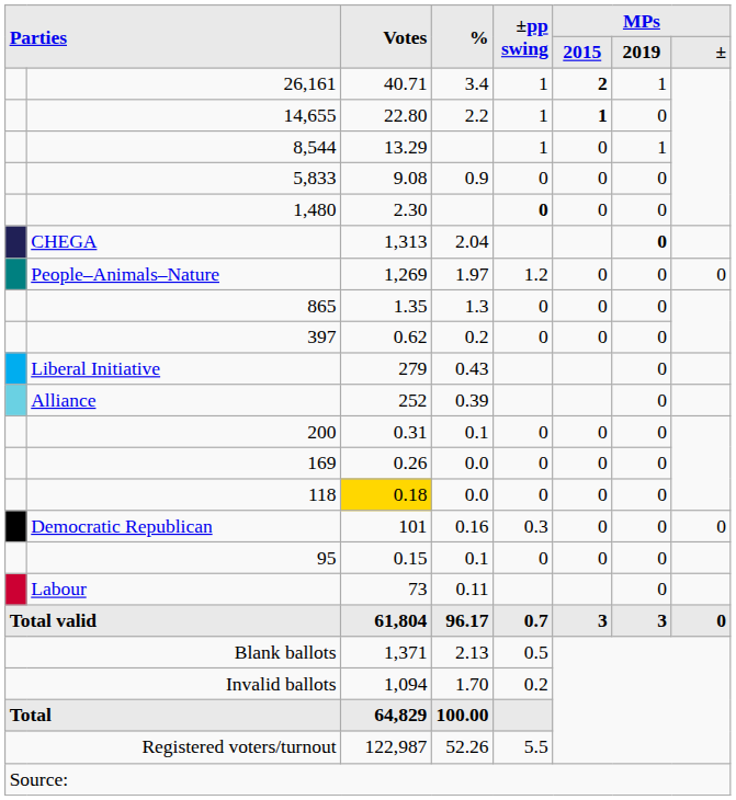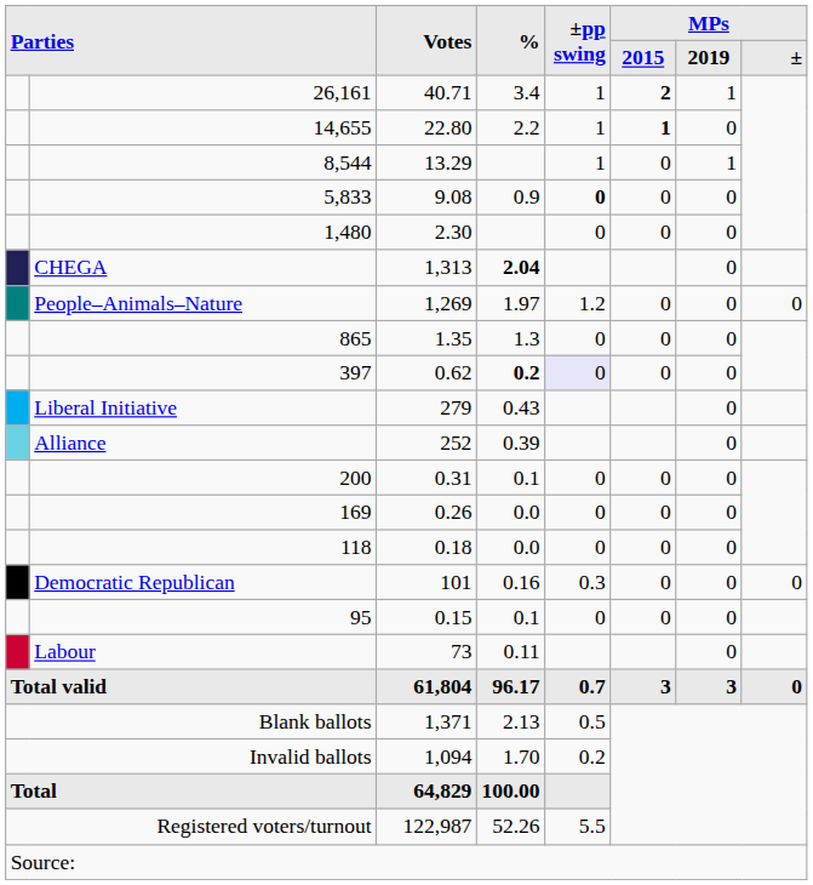 <table class="wikitable" style="text-align:right; font-size:95%;">
 <tr>
 <th rowspan="2" colspan="2" style="background:#e9e9e9; text-align:left;" alignleft><a href='#'>Parties</a></th>
 <th rowspan="2" style="background:#e9e9e9; text-align:right;">Votes</th>
 <th rowspan="2" style="background:#e9e9e9; text-align:right;">%</th>
 <th rowspan="2" style="background:#e9e9e9; text-align:right;">±<a href='#'>pp</a> <a href='#'>swing</a></th>
 <th colspan="3" style="background:#e9e9e9; text-align:center;"><a href='#'>MPs</a></th>
 </tr>
 <tr style="background-color:#E9E9E9">
 <th style="background-color:#E9E9E9;text-align:center;"><a href='#'>2015</a></th>
 <th style="background-color:#E9E9E9;text-align:center;">2019</th>
 <th style="background:#e9e9e9; text-align:right;">±</th>
 </tr>
 <tr>
 <td></td>
 <td>26,161</td>
 <td>40.71</td>
 <td>3.4</td>
 <td>1</td>
 <td><strong>2</strong></td>
 <td>1</td>
 </tr>
 <tr>
 <td></td>
 <td>14,655</td>
 <td>22.80</td>
 <td>2.2</td>
 <td>1</td>
 <td><strong>1</strong></td>
 <td>0</td>
 </tr>
 <tr>
 <td></td>
 <td>8,544</td>
 <td>13.29</td>
 <td></td>
 <td>1</td>
 <td>0</td>
 <td>1</td>
 </tr>
 <tr>
 <td></td>
 <td>5,833</td>
 <td>9.08</td>
 <td>0.9</td>
-<td>0</td>
+<td><strong>0</strong></td>
 <td>0</td>
 <td>0</td>
 </tr>
 <tr>
 <td></td>
 <td>1,480</td>
 <td>2.30</td>
 <td></td>
-<td><strong>0</strong></td>
+<td>0</td>
 <td>0</td>
 <td>0</td>
 </tr>
 <tr>
 <td style="width: 10px" bgcolor="#202056" align="center"></td>
 <td align="left"><a href='#'>CHEGA</a></td>
 <td>1,313</td>
-<td>2.04</td>
+<td><strong>2.04</strong></td>
 <td></td>
 <td></td>
-<td><strong>0</strong></td>
+<td>0</td>
 <td></td>
 </tr>
 <tr>
 <td style="width: 10px" bgcolor="teal" align="center"></td>
 <td align="left"><a href='#'>People–Animals–Nature</a></td>
 <td>1,269</td>
 <td>1.97</td>
 <td>1.2</td>
 <td>0</td>
 <td>0</td>
 <td>0</td>
 </tr>
 <tr>
 <td></td>
 <td>865</td>
 <td>1.35</td>
 <td>1.3</td>
 <td>0</td>
 <td>0</td>
 <td>0</td>
 </tr>
 <tr>
 <td></td>
 <td>397</td>
 <td>0.62</td>
-<td>0.2</td>
-<td>0</td>
+<td><strong>0.2</strong></td>
+<td style="background: lavender;">0</td>
 <td>0</td>
 <td>0</td>
 </tr>
 <tr>
 <td style="width: 10px" bgcolor="#00ADEF" align="center"></td>
 <td align="left"><a href='#'>Liberal Initiative</a></td>
 <td>279</td>
 <td>0.43</td>
 <td></td>
 <td></td>
 <td>0</td>
 <td></td>
 </tr>
 <tr>
 <td style="width: 10px" bgcolor="#6AD1E3" align="center"></td>
 <td align="left"><a href='#'>Alliance</a></td>
 <td>252</td>
 <td>0.39</td>
 <td></td>
 <td></td>
 <td>0</td>
 <td></td>
 </tr>
 <tr>
 <td></td>
 <td>200</td>
 <td>0.31</td>
 <td>0.1</td>
 <td>0</td>
 <td>0</td>
 <td>0</td>
 </tr>
 <tr>
 <td></td>
 <td>169</td>
 <td>0.26</td>
 <td>0.0</td>
 <td>0</td>
 <td>0</td>
 <td>0</td>
 </tr>
 <tr>
 <td></td>
 <td>118</td>
-<td style="background: gold;">0.18</td>
+<td>0.18</td>
 <td>0.0</td>
 <td>0</td>
 <td>0</td>
 <td>0</td>
 </tr>
 <tr>
 <td style="width: 10px" bgcolor=black align="center"></td>
 <td align=left><a href='#'>Democratic Republican</a></td>
 <td>101</td>
 <td>0.16</td>
 <td>0.3</td>
 <td>0</td>
 <td>0</td>
 <td>0</td>
 </tr>
 <tr>
 <td></td>
 <td>95</td>
 <td>0.15</td>
 <td>0.1</td>
 <td>0</td>
 <td>0</td>
 <td>0</td>
 </tr>
 <tr>
 <td style="width: 10px" bgcolor=#CC0033 align="center"></td>
 <td align=left><a href='#'>Labour</a></td>
 <td>73</td>
 <td>0.11</td>
 <td></td>
 <td></td>
 <td>0</td>
 <td></td>
 </tr>
 <tr>
 <td colspan=2 align=left style="background-color:#E9E9E9"><strong>Total valid</strong></td>
 <td width="65" align="right" style="background-color:#E9E9E9"><strong>61,804</strong></td>
 <td width="40" align="right" style="background-color:#E9E9E9"><strong>96.17</strong></td>
 <td width="40" align="right" style="background-color:#E9E9E9"><strong>0.7</strong></td>
 <td width="40" align="right" style="background-color:#E9E9E9"><strong>3</strong></td>
 <td width="40" align="right" style="background-color:#E9E9E9"><strong>3</strong></td>
 <td width="40" align="right" style="background-color:#E9E9E9"><strong>0</strong></td>
 </tr>
 <tr>
 <td colspan=2>Blank ballots</td>
 <td>1,371</td>
 <td>2.13</td>
 <td>0.5</td>
 <td colspan=4 rowspan=4></td>
 </tr>
 <tr>
 <td colspan=2>Invalid ballots</td>
 <td>1,094</td>
 <td>1.70</td>
 <td>0.2</td>
 </tr>
 <tr>
 <td colspan=2 width="259" align=left style="background-color:#E9E9E9"><strong>Total</strong></td>
 <td width="50" align="right" style="background-color:#E9E9E9"><strong>64,829</strong></td>
 <td width="40" align="right" style="background-color:#E9E9E9"><strong>100.00</strong></td>
 <td width="40" align="right" style="background-color:#E9E9E9"></td>
 </tr>
 <tr>
 <td colspan=2>Registered voters/turnout</td>
 <td>122,987</td>
 <td>52.26</td>
 <td>5.5</td>
 </tr>
 <tr>
 <td colspan=11 align=left>Source: </td>
 </tr>
 </table>
